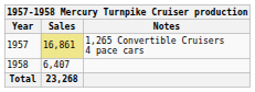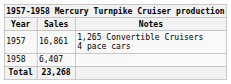 <table class="wikitable">
 <tr>
 <th colspan="3">1957-1958 Mercury Turnpike Cruiser production</th>
 </tr>
 <tr>
 <th>Year</th>
 <th>Sales</th>
 <th>Notes</th>
 </tr>
 <tr>
 <td>1957</td>
-<td style="background: khaki;">16,861</td>
+<td>16,861</td>
 <td>1,265 Convertible Cruisers<br>4 pace cars</td>
 </tr>
 <tr>
 <td>1958</td>
 <td>6,407</td>
 <td></td>
 </tr>
 <tr>
 <th>Total</th>
 <th>23,268</th>
 <th></th>
 </tr>
 </table>
